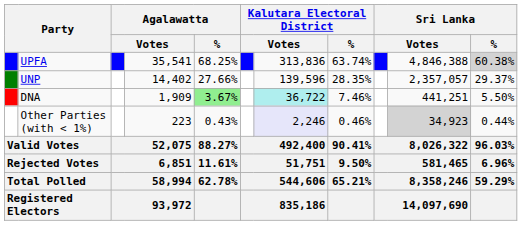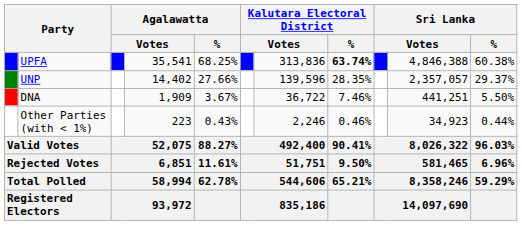 <table class="wikitable">
 <tr>
 <th colspan="2" width="144px"rowspan="2">Party</th>
 <th colspan="3" width="216px">Agalawatta</th>
 <th colspan="3" width="216px"><a href='#'>Kalutara Electoral District</a></th>
 <th colspan="3" width="216px">Sri Lanka</th>
 </tr>
 <tr>
 <th colspan="2" width="144px">Votes</th>
 <th>%</th>
 <th colspan="2" width="144px">Votes</th>
 <th>%</th>
 <th colspan="2" width="144px">Votes</th>
 <th>%</th>
 </tr>
 <tr>
 <td style="background-color:blue;" width="10px"></td>
 <td style="text-align:left;"><a href='#'>UPFA</a></td>
 <td style="background-color:blue;" width="10px"></td>
 <td style="text-align:right;">35,541</td>
 <td style="text-align:right;">68.25%</td>
 <td style="background-color:blue;" width="10px"></td>
 <td style="text-align:right;">313,836</td>
-<td style="text-align:right;">63.74%</td>
+<td style="text-align:right;"><strong>63.74%</strong></td>
 <td style="background-color:blue;" width="10px"></td>
 <td style="text-align:right;">4,846,388</td>
-<td style="background: lightgrey; text-align:right;">60.38%</td>
+<td style="text-align:right;">60.38%</td>
 </tr>
 <tr>
 <td style="background-color:green;" width="10px"></td>
 <td style="text-align:left;"><a href='#'>UNP</a></td>
 <td style="background-color:white;" width="10px"></td>
 <td style="text-align:right;">14,402</td>
 <td style="text-align:right;">27.66%</td>
 <td style="background-color:white;" width="10px"></td>
 <td style="text-align:right;">139,596</td>
 <td style="text-align:right;">28.35%</td>
 <td style="background-color:white;" width="10px"></td>
 <td style="text-align:right;">2,357,057</td>
 <td style="text-align:right;">29.37%</td>
 </tr>
 <tr>
 <td style="background-color:red;" width="10px"></td>
 <td style="text-align:left;">DNA</td>
 <td style="background-color:white;" width="10px"></td>
 <td style="text-align:right;">1,909</td>
-<td style="background: lightgreen; text-align:right;">3.67%</td>
+<td style="text-align:right;">3.67%</td>
 <td style="background-color:white;" width="10px"></td>
-<td style="background: paleturquoise; text-align:right;">36,722</td>
+<td style="text-align:right;">36,722</td>
 <td style="text-align:right;">7.46%</td>
 <td style="background-color:white;" width="10px"></td>
 <td style="text-align:right;">441,251</td>
 <td style="text-align:right;">5.50%</td>
 </tr>
 <tr>
 <td style="background-color:white;" width="10px"></td>
 <td style="text-align:left;">Other Parties (with < 1%)</td>
 <td style="background-color:white;" width="10px"></td>
 <td style="text-align:right;">223</td>
 <td style="text-align:right;">0.43%</td>
 <td style="background-color:white;" width="10px"></td>
-<td style="background: lavender; text-align:right;">2,246</td>
+<td style="text-align:right;">2,246</td>
 <td style="text-align:right;">0.46%</td>
 <td style="background-color:white;" width="10px"></td>
-<td style="background: lightgrey; text-align:right;">34,923</td>
+<td style="text-align:right;">34,923</td>
 <td style="text-align:right;">0.44%</td>
 </tr>
 <tr>
 <th colspan="2" width="144px"style="text-align:left;">Valid Votes</th>
 <th style="text-align:right;"colspan="2" width="144px">52,075</th>
 <th style="text-align:right;">88.27%</th>
 <th style="text-align:right;"colspan="2" width="144px">492,400</th>
 <th style="text-align:right;">90.41%</th>
 <th style="text-align:right;"colspan="2" width="144px">8,026,322</th>
 <th style="text-align:right;">96.03%</th>
 </tr>
 <tr>
 <th colspan="2" width="144px"style="text-align:left;">Rejected Votes</th>
 <th style="text-align:right;"colspan="2" width="144px">6,851</th>
 <th style="text-align:right;">11.61%</th>
 <th style="text-align:right;"colspan="2" width="144px">51,751</th>
 <th style="text-align:right;">9.50%</th>
 <th style="text-align:right;"colspan="2" width="144px">581,465</th>
 <th style="text-align:right;">6.96%</th>
 </tr>
 <tr>
 <th colspan="2" width="144px"style="text-align:left;">Total Polled</th>
 <th style="text-align:right;"colspan="2" width="144px">58,994</th>
 <th style="text-align:right;">62.78%</th>
 <th style="text-align:right;"colspan="2" width="144px">544,606</th>
 <th style="text-align:right;">65.21%</th>
 <th style="text-align:right;"colspan="2" width="144px">8,358,246</th>
 <th style="text-align:right;">59.29%</th>
 </tr>
 <tr>
 <th colspan="2" width="144px"style="text-align:left;">Registered Electors</th>
 <th style="text-align:right;"colspan="2" width="144px">93,972</th>
 <th></th>
 <th style="text-align:right;"colspan="2" width="144px">835,186</th>
 <th></th>
 <th style="text-align:right;"colspan="2" width="144px">14,097,690</th>
 <th></th>
 </tr>
 </table>
